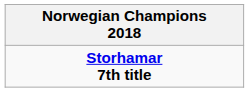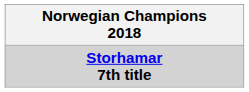 <table class="wikitable" style="text-align: center; margin: 0 auto; width: 20%">
 <tr>
 <th>Norwegian Champions<br>2018</th>
 </tr>
 <tr>
-<td><strong><a href='#'>Storhamar</a></strong><br><strong>7th title</strong></td>
+<td style="background: lightgrey;"><strong><a href='#'>Storhamar</a></strong><br><strong>7th title</strong></td>
 </tr>
 </table>
